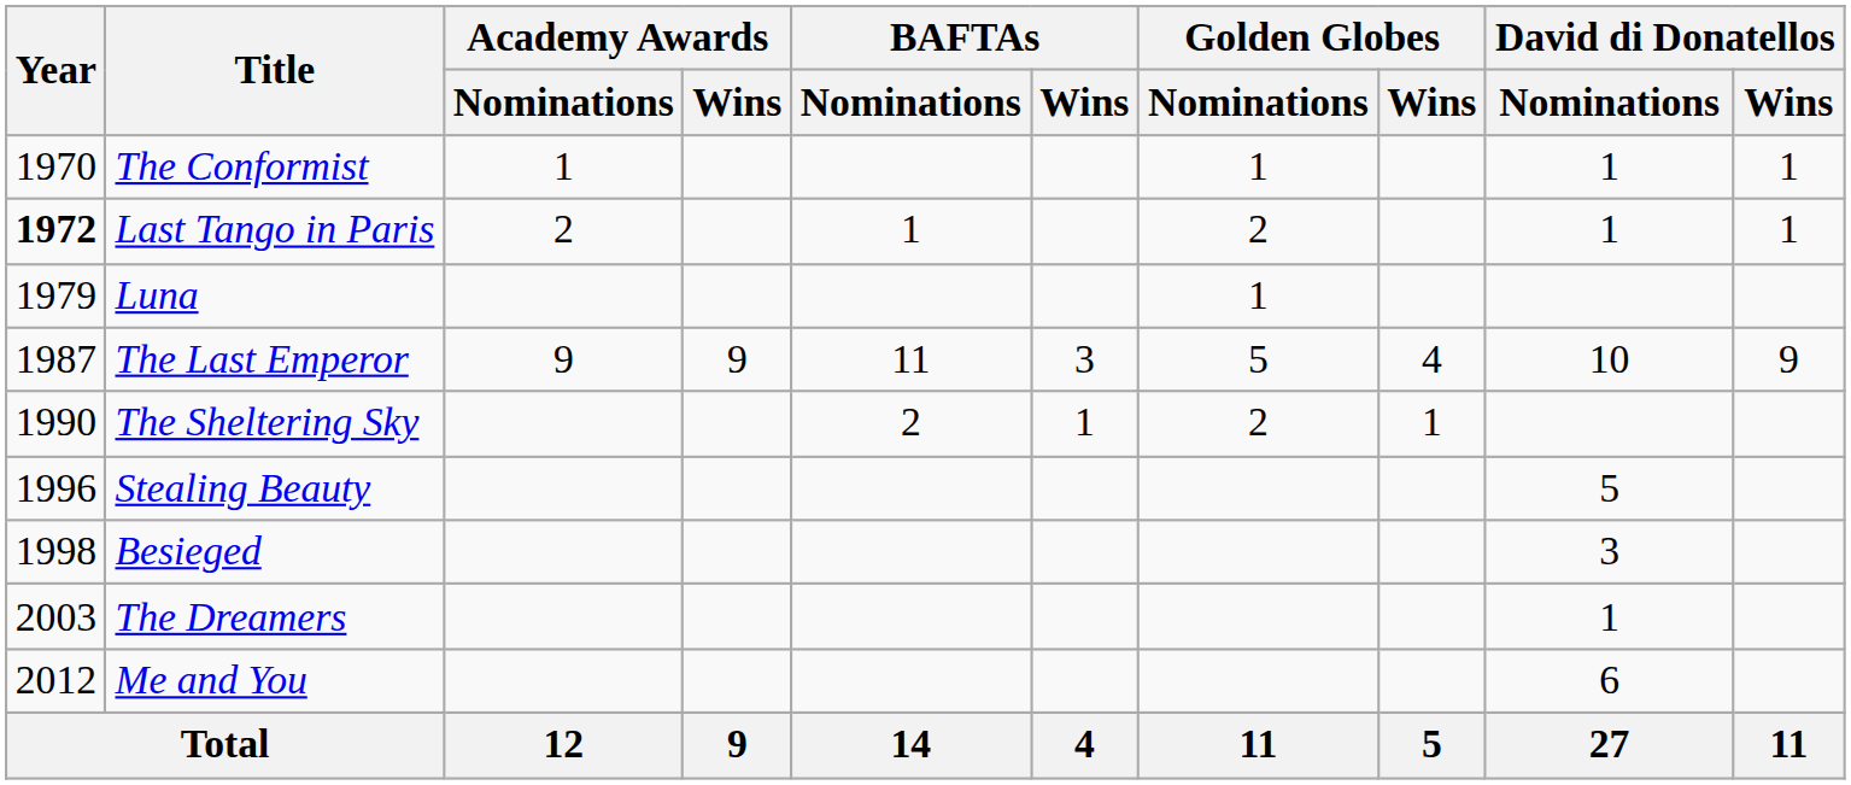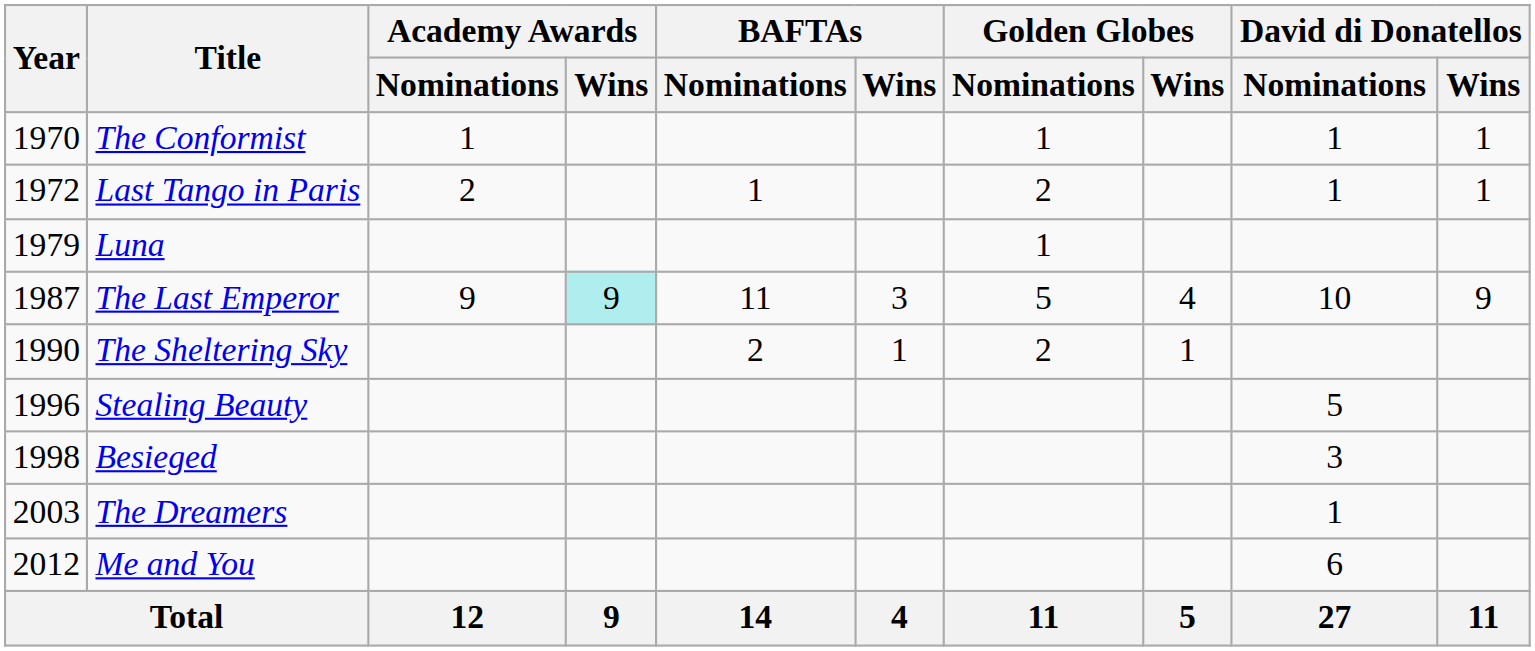 <table class="wikitable">
 <tr>
 <th rowspan="2">Year</th>
 <th rowspan="2">Title</th>
 <th colspan="2">Academy Awards</th>
 <th colspan="2">BAFTAs</th>
 <th colspan="2">Golden Globes</th>
 <th colspan="2">David di Donatellos</th>
 </tr>
 <tr>
 <th>Nominations</th>
 <th>Wins</th>
 <th>Nominations</th>
 <th>Wins</th>
 <th>Nominations</th>
 <th>Wins</th>
 <th>Nominations</th>
 <th>Wins</th>
 </tr>
 <tr>
 <td>1970</td>
 <td><a href='#'><em>The Conformist</em></a></td>
 <td align=center>1</td>
 <td></td>
 <td></td>
 <td></td>
 <td align=center>1</td>
 <td></td>
 <td align=center>1</td>
 <td align=center>1</td>
 </tr>
 <tr>
-<td><strong>1972</strong></td>
+<td>1972</td>
 <td><em><a href='#'>Last Tango in Paris</a></em></td>
 <td align=center>2</td>
 <td></td>
 <td align=center>1</td>
 <td></td>
 <td align=center>2</td>
 <td></td>
 <td align=center>1</td>
 <td align=center>1</td>
 </tr>
 <tr>
 <td>1979</td>
 <td><a href='#'><em>Luna</em></a></td>
 <td></td>
 <td></td>
 <td></td>
 <td></td>
 <td align=center>1</td>
 <td></td>
 <td></td>
 <td></td>
 </tr>
 <tr>
 <td>1987</td>
 <td><em><a href='#'>The Last Emperor</a></em></td>
 <td align=center>9</td>
-<td align=center>9</td>
+<td align=center style="background: paleturquoise;">9</td>
 <td align=center>11</td>
 <td align=center>3</td>
 <td align=center>5</td>
 <td align=center>4</td>
 <td align=center>10</td>
 <td align=center>9</td>
 </tr>
 <tr>
 <td>1990</td>
 <td><a href='#'><em>The Sheltering Sky</em></a></td>
 <td></td>
 <td></td>
 <td align=center>2</td>
 <td align=center>1</td>
 <td align=center>2</td>
 <td align=center>1</td>
 <td></td>
 <td></td>
 </tr>
 <tr>
 <td>1996</td>
 <td><em><a href='#'>Stealing Beauty</a></em></td>
 <td></td>
 <td></td>
 <td></td>
 <td></td>
 <td></td>
 <td></td>
 <td align=center>5</td>
 <td></td>
 </tr>
 <tr>
 <td>1998</td>
 <td><a href='#'><em>Besieged</em></a></td>
 <td></td>
 <td></td>
 <td></td>
 <td></td>
 <td></td>
 <td></td>
 <td align=center>3</td>
 <td></td>
 </tr>
 <tr>
 <td>2003</td>
 <td><a href='#'><em>The Dreamers</em></a></td>
 <td></td>
 <td></td>
 <td></td>
 <td></td>
 <td></td>
 <td></td>
 <td align=center>1</td>
 <td></td>
 </tr>
 <tr>
 <td>2012</td>
 <td><a href='#'><em>Me and You</em></a></td>
 <td></td>
 <td></td>
 <td></td>
 <td></td>
 <td></td>
 <td></td>
 <td align=center>6</td>
 <td></td>
 </tr>
 <tr>
 <th colspan="2">Total</th>
 <th>12</th>
 <th>9</th>
 <th>14</th>
 <th>4</th>
 <th>11</th>
 <th>5</th>
 <th>27</th>
 <th>11</th>
 </tr>
 </table>
